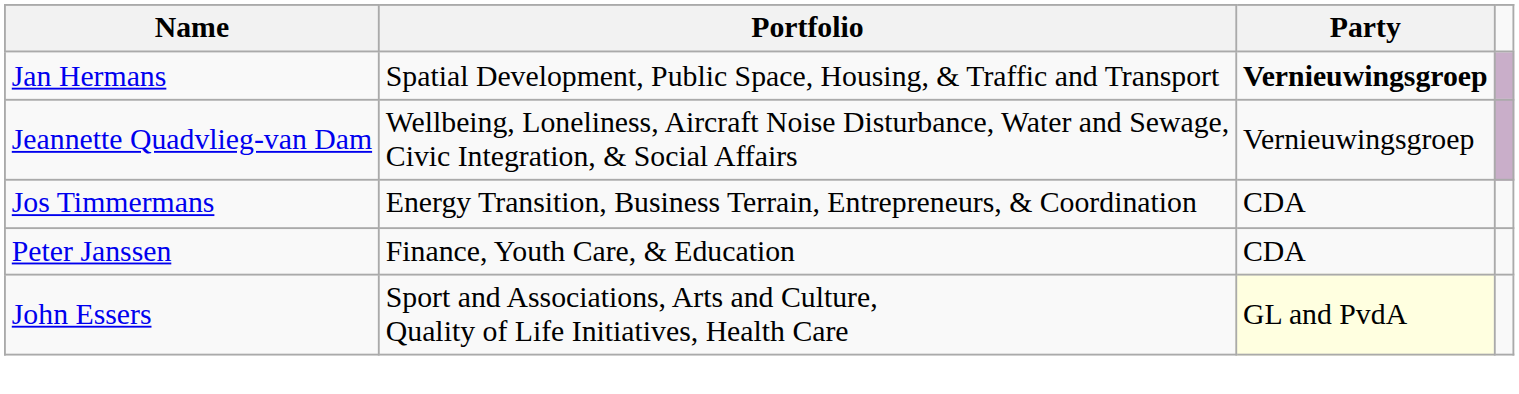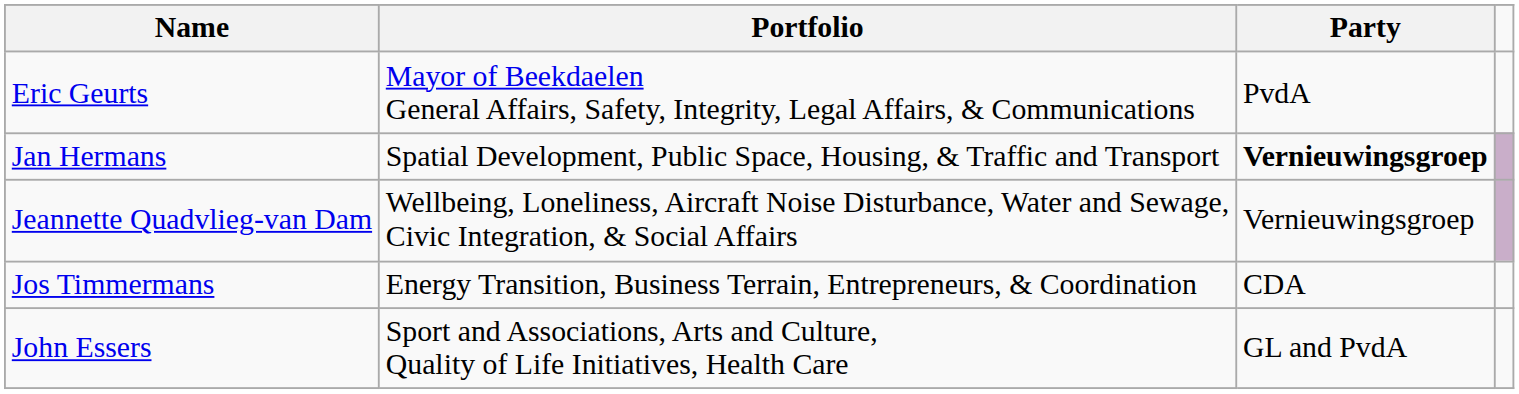 <table class="wikitable">
 <tr>
 <th>Name</th>
 <th>Portfolio</th>
 <th>Party</th>
+</tr>
+<tr>
+<td><a href='#'>Eric Geurts</a></td>
+<td><a href='#'>Mayor of Beekdaelen</a><br>General Affairs, Safety, Integrity, Legal Affairs, & Communications<br></td>
+<td>PvdA</td>
+<td style="width: 3px" ;></td>
 </tr>
 <tr>
 <td><a href='#'>Jan Hermans</a></td>
 <td>Spatial Development, Public Space, Housing, & Traffic and Transport</td>
 <td><strong>Vernieuwingsgroep</strong></td>
 <td style="width: 3px"; bgcolor="C9AEC9"></td>
 </tr>
 <tr>
 <td><a href='#'>Jeannette Quadvlieg-van Dam</a></td>
 <td>Wellbeing, Loneliness, Aircraft Noise Disturbance, Water and Sewage,<br>Civic Integration, & Social Affairs</td>
 <td>Vernieuwingsgroep</td>
 <td style="width: 3px"; bgcolor="C9AEC9"></td>
 </tr>
 <tr>
 <td><a href='#'>Jos Timmermans</a></td>
 <td>Energy Transition, Business Terrain, Entrepreneurs, & Coordination</td>
 <td>CDA</td>
 <td style="width: 3px" ;></td>
 </tr>
 <tr>
-<td><a href='#'>Peter Janssen</a></td>
-<td>Finance, Youth Care, & Education</td>
-<td>CDA</td>
-<td style="width: 3px" ;></td>
-</tr>
-<tr>
 <td><a href='#'>John Essers</a></td>
 <td>Sport and Associations, Arts and Culture,<br>Quality of Life Initiatives, Health Care</td>
-<td style="background: lightyellow;">GL and PvdA</td>
+<td>GL and PvdA</td>
 <td style="width: 3px" ;></td>
 </tr>
 </table>
